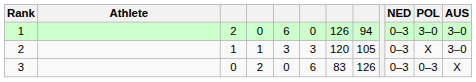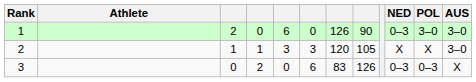 <table class="wikitable" style="text-align:center">
 <tr>
 <th>Rank</th>
 <th width=250>Athlete</th>
 <th width=30></th>
 <th width=30></th>
 <th width=30></th>
 <th width=30></th>
 <th width=30></th>
 <th width=30></th>
 <th rowspan=4></th>
 <th width=30>NED</th>
 <th width=30>POL</th>
 <th width=30>AUS</th>
 </tr>
 <tr bgcolor=#ccffcc>
 <td>1</td>
 <td align=left></td>
 <td>2</td>
 <td>0</td>
 <td>6</td>
 <td>0</td>
 <td>126</td>
-<td>94</td>
+<td>90</td>
 <td>0–3</td>
 <td>3–0</td>
 <td>3–0</td>
 </tr>
 <tr>
 <td>2</td>
 <td align=left></td>
 <td>1</td>
 <td>1</td>
 <td>3</td>
 <td>3</td>
 <td>120</td>
 <td>105</td>
-<td>0–3</td>
+<td>X</td>
 <td>X</td>
 <td>3–0</td>
 </tr>
 <tr>
 <td>3</td>
 <td align=left></td>
 <td>0</td>
 <td>2</td>
 <td>0</td>
 <td>6</td>
 <td>83</td>
 <td>126</td>
 <td>0–3</td>
 <td>0–3</td>
 <td>X</td>
 </tr>
 </table>
